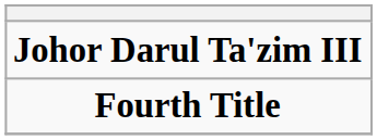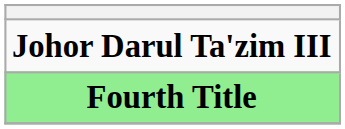 <table class="wikitable" style="text-align: center; margin: 0 auto;">
 <tr>
 <th></th>
 </tr>
 <tr>
 <td><strong> Johor Darul Ta'zim III</strong></td>
 </tr>
 <tr>
-<td><strong>Fourth Title</strong></td>
+<td style="background: lightgreen;"><strong>Fourth Title</strong></td>
 </tr>
 <tr>
 </tr>
 </table>
